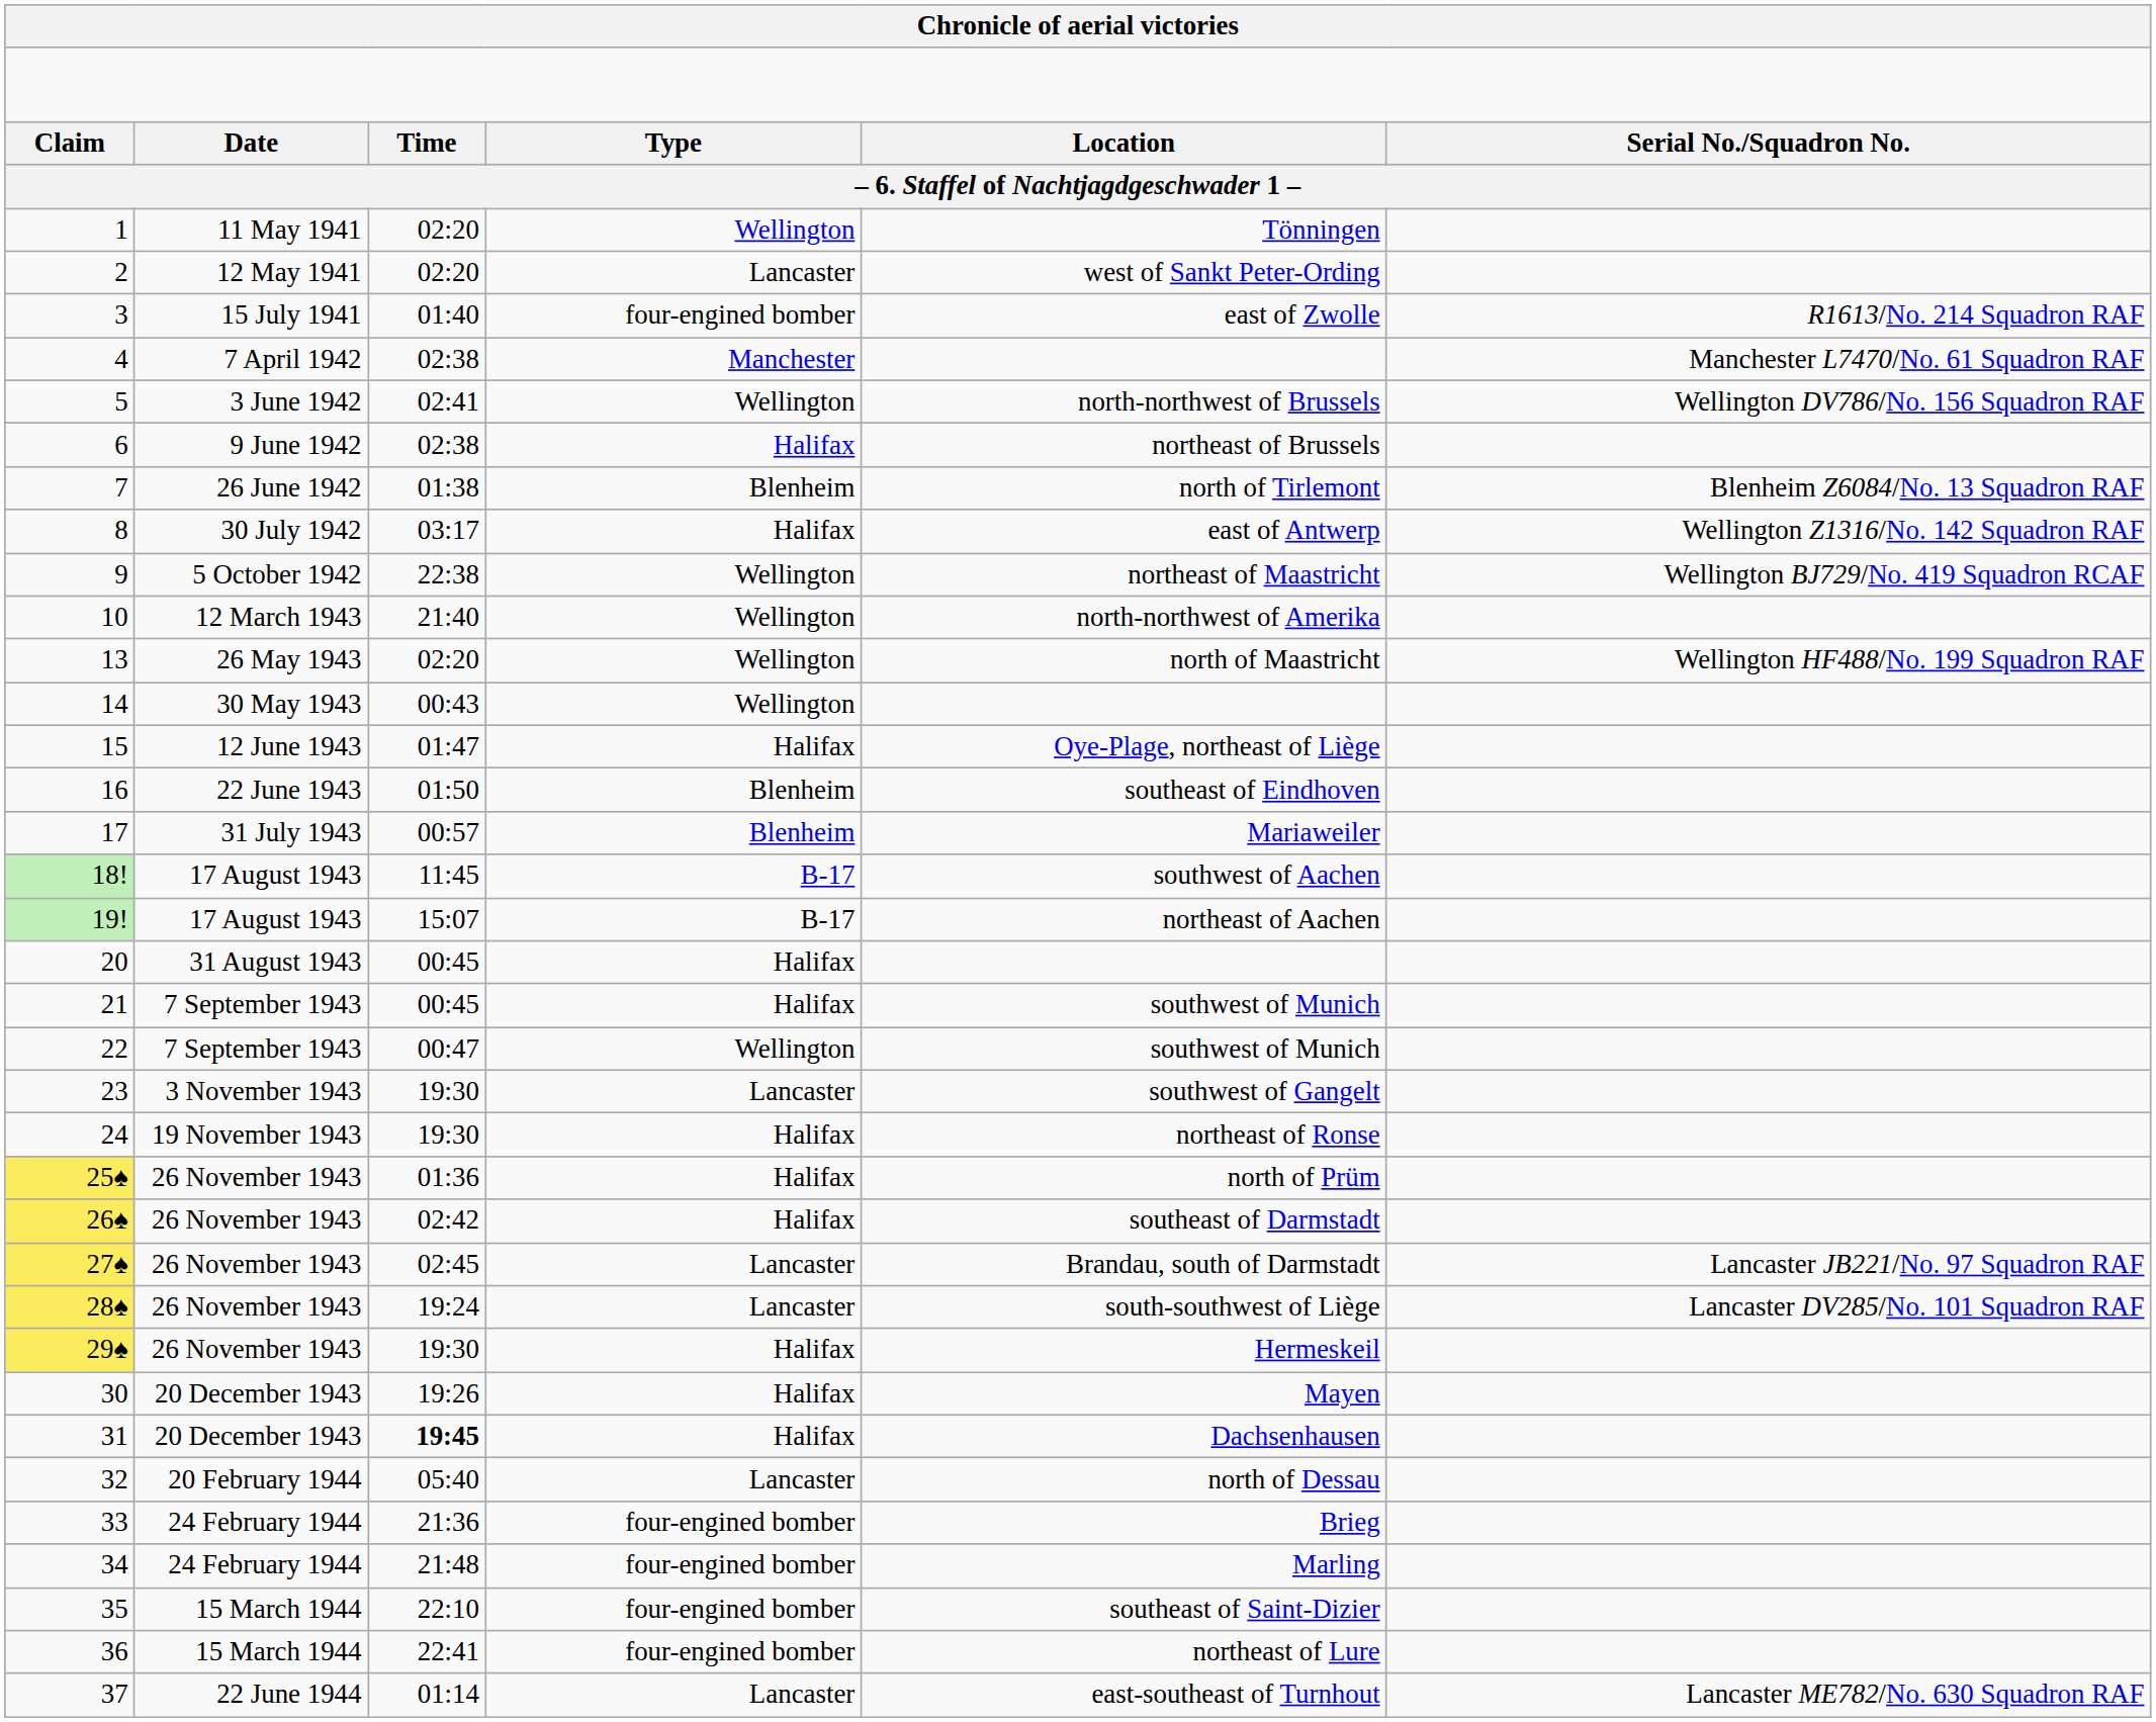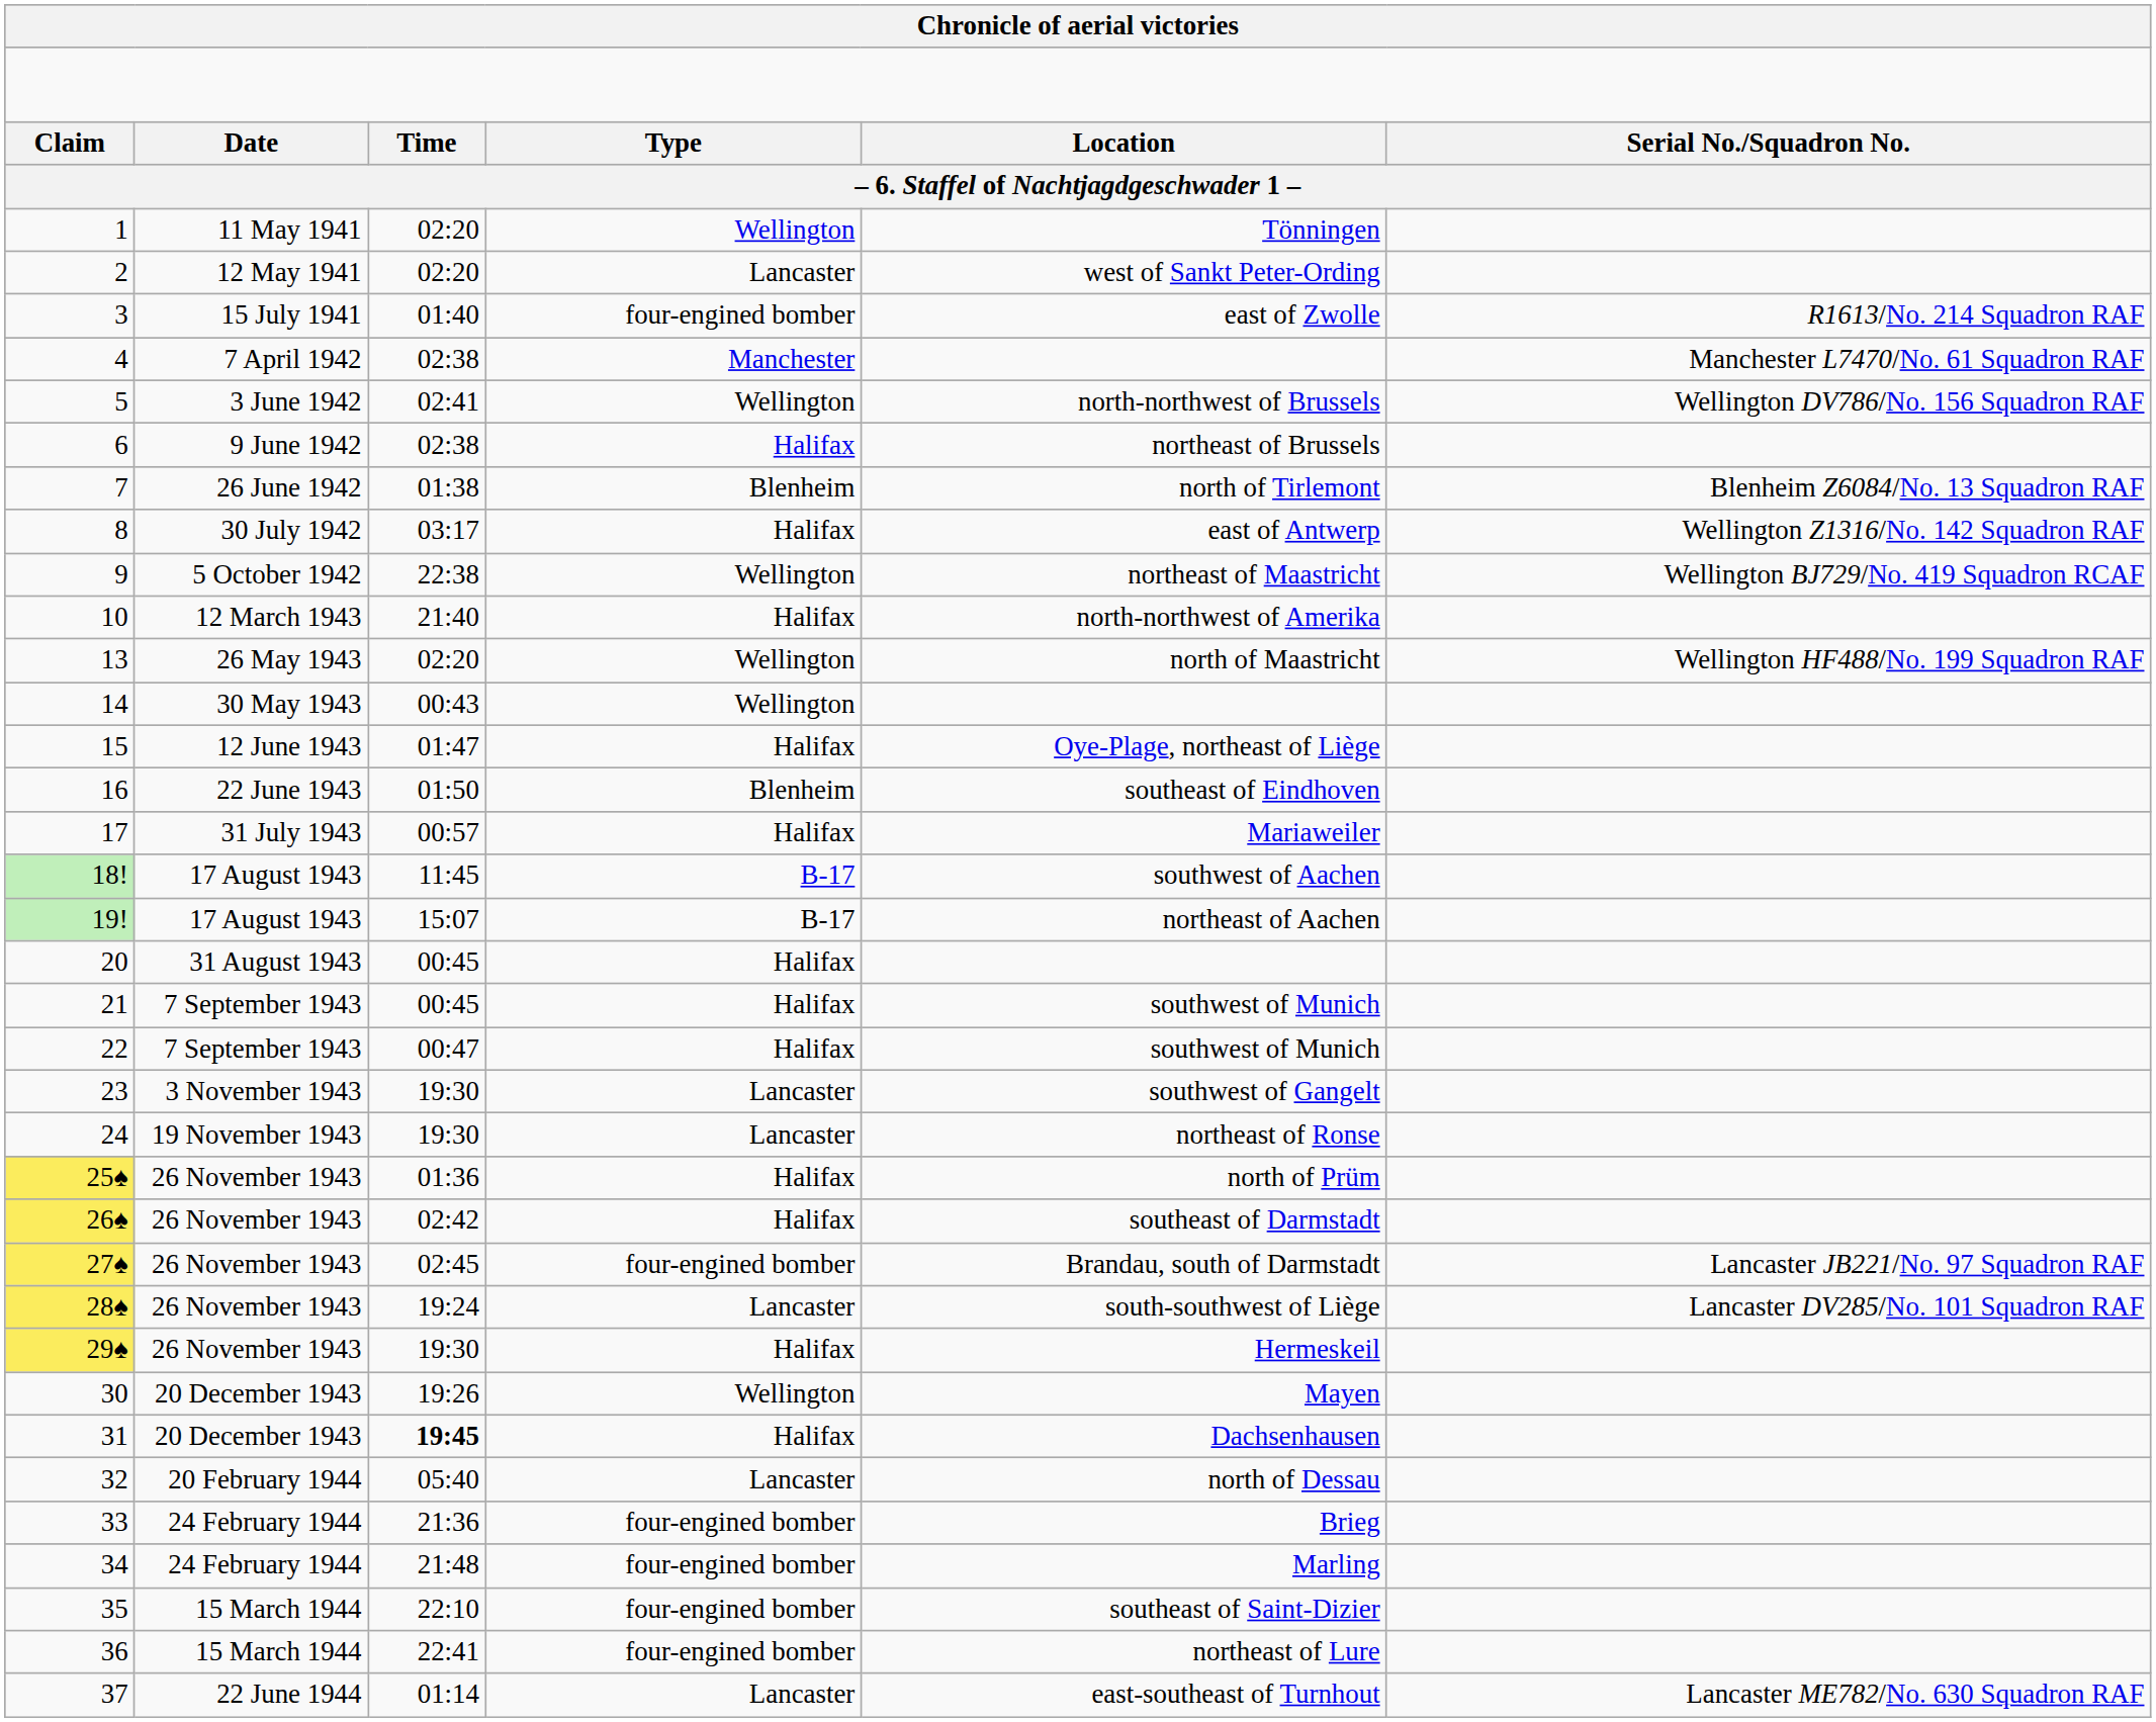 <table class="wikitable plainrowheaders collapsible" style="margin-left: auto; margin-right: auto; border: none; text-align:right; width: 100%;">
 <tr>
 <th colspan="6">Chronicle of aerial victories</th>
 </tr>
 <tr>
 <td colspan="6" style="text-align: left;"><br><br> </td>
 </tr>
 <tr>
 <th scope="col">Claim</th>
 <th scope="col" style="width:130px">Date</th>
 <th scope="col">Time</th>
 <th scope="col">Type</th>
 <th scope="col">Location</th>
 <th scope="col">Serial No./Squadron No.</th>
 </tr>
 <tr>
 <th colspan="6">– 6. <em>Staffel</em> of <em>Nachtjagdgeschwader</em> 1 –</th>
 </tr>
 <tr>
 <td>1</td>
 <td>11 May 1941</td>
 <td>02:20</td>
 <td><a href='#'>Wellington</a></td>
 <td><a href='#'>Tönningen</a></td>
 <td></td>
 </tr>
 <tr>
 <td>2</td>
 <td>12 May 1941</td>
 <td>02:20</td>
 <td>Lancaster</td>
 <td> west of <a href='#'>Sankt Peter-Ording</a></td>
 <td></td>
 </tr>
 <tr>
 <td>3</td>
 <td>15 July 1941</td>
 <td>01:40</td>
 <td>four-engined bomber</td>
 <td>east of <a href='#'>Zwolle</a></td>
 <td><em>R1613</em>/<a href='#'>No. 214 Squadron RAF</a></td>
 </tr>
 <tr>
 <td>4</td>
 <td>7 April 1942</td>
 <td>02:38</td>
 <td><a href='#'>Manchester</a></td>
 <td></td>
 <td>Manchester <em>L7470</em>/<a href='#'>No. 61 Squadron RAF</a></td>
 </tr>
 <tr>
 <td>5</td>
 <td>3 June 1942</td>
 <td>02:41</td>
 <td>Wellington</td>
 <td> north-northwest of <a href='#'>Brussels</a></td>
 <td>Wellington <em>DV786</em>/<a href='#'>No. 156 Squadron RAF</a></td>
 </tr>
 <tr>
 <td>6</td>
 <td>9 June 1942</td>
 <td>02:38</td>
 <td><a href='#'>Halifax</a></td>
 <td> northeast of Brussels</td>
 <td></td>
 </tr>
 <tr>
 <td>7</td>
 <td>26 June 1942</td>
 <td>01:38</td>
 <td>Blenheim</td>
 <td> north of <a href='#'>Tirlemont</a></td>
 <td>Blenheim <em>Z6084</em>/<a href='#'>No. 13 Squadron RAF</a></td>
 </tr>
 <tr>
 <td>8</td>
 <td>30 July 1942</td>
 <td>03:17</td>
 <td>Halifax</td>
 <td> east of <a href='#'>Antwerp</a></td>
 <td>Wellington <em>Z1316</em>/<a href='#'>No. 142 Squadron RAF</a></td>
 </tr>
 <tr>
 <td>9</td>
 <td>5 October 1942</td>
 <td>22:38</td>
 <td>Wellington</td>
 <td>northeast of <a href='#'>Maastricht</a></td>
 <td>Wellington <em>BJ729</em>/<a href='#'>No. 419 Squadron RCAF</a></td>
 </tr>
 <tr>
 <td>10</td>
 <td>12 March 1943</td>
 <td>21:40</td>
-<td>Wellington</td>
+<td>Halifax</td>
 <td> north-northwest of <a href='#'>Amerika</a></td>
 <td></td>
 </tr>
 <tr>
 <td>13</td>
 <td>26 May 1943</td>
 <td>02:20</td>
 <td>Wellington</td>
 <td> north of Maastricht</td>
 <td>Wellington <em>HF488</em>/<a href='#'>No. 199 Squadron RAF</a></td>
 </tr>
 <tr>
 <td>14</td>
 <td>30 May 1943</td>
 <td>00:43</td>
 <td>Wellington</td>
 <td></td>
 <td></td>
 </tr>
 <tr>
 <td>15</td>
 <td>12 June 1943</td>
 <td>01:47</td>
 <td>Halifax</td>
 <td><a href='#'>Oye-Plage</a>, northeast of <a href='#'>Liège</a></td>
 <td></td>
 </tr>
 <tr>
 <td>16</td>
 <td>22 June 1943</td>
 <td>01:50</td>
 <td>Blenheim</td>
 <td> southeast of <a href='#'>Eindhoven</a></td>
 <td></td>
 </tr>
 <tr>
 <td>17</td>
 <td>31 July 1943</td>
 <td>00:57</td>
-<td><a href='#'>Blenheim</a></td>
+<td>Halifax</td>
 <td><a href='#'>Mariaweiler</a></td>
 <td></td>
 </tr>
 <tr>
 <td style="background:#C0EFBA">18!</td>
 <td>17 August 1943</td>
 <td>11:45</td>
 <td><a href='#'>B-17</a></td>
 <td> southwest of <a href='#'>Aachen</a></td>
 <td></td>
 </tr>
 <tr>
 <td style="background:#C0EFBA">19!</td>
 <td>17 August 1943</td>
 <td>15:07</td>
 <td>B-17</td>
 <td> northeast of Aachen</td>
 <td></td>
 </tr>
 <tr>
 <td>20</td>
 <td>31 August 1943</td>
 <td>00:45</td>
 <td>Halifax</td>
 <td></td>
 <td></td>
 </tr>
 <tr>
 <td>21</td>
 <td>7 September 1943</td>
 <td>00:45</td>
 <td>Halifax</td>
 <td>southwest of <a href='#'>Munich</a></td>
 <td></td>
 </tr>
 <tr>
 <td>22</td>
 <td>7 September 1943</td>
 <td>00:47</td>
-<td>Wellington</td>
+<td>Halifax</td>
 <td>southwest of Munich</td>
 <td></td>
 </tr>
 <tr>
 <td>23</td>
 <td>3 November 1943</td>
 <td>19:30</td>
 <td>Lancaster</td>
 <td>southwest of <a href='#'>Gangelt</a></td>
 <td></td>
 </tr>
 <tr>
 <td>24</td>
 <td>19 November 1943</td>
 <td>19:30</td>
-<td>Halifax</td>
+<td>Lancaster</td>
 <td>northeast of <a href='#'>Ronse</a></td>
 <td></td>
 </tr>
 <tr>
 <td style="background:#fbec5d;">25♠</td>
 <td>26 November 1943</td>
 <td>01:36</td>
 <td>Halifax</td>
 <td>north of <a href='#'>Prüm</a></td>
 <td></td>
 </tr>
 <tr>
 <td style="background:#fbec5d;">26♠</td>
 <td>26 November 1943</td>
 <td>02:42</td>
 <td>Halifax</td>
 <td>southeast of <a href='#'>Darmstadt</a></td>
 <td></td>
 </tr>
 <tr>
 <td style="background:#fbec5d;">27♠</td>
 <td>26 November 1943</td>
 <td>02:45</td>
-<td>Lancaster</td>
+<td>four-engined bomber</td>
 <td> Brandau, south of Darmstadt</td>
 <td>Lancaster <em>JB221</em>/<a href='#'>No. 97 Squadron RAF</a></td>
 </tr>
 <tr>
 <td style="background:#fbec5d;">28♠</td>
 <td>26 November 1943</td>
 <td>19:24</td>
 <td>Lancaster</td>
 <td>south-southwest of Liège</td>
 <td>Lancaster <em>DV285</em>/<a href='#'>No. 101 Squadron RAF</a></td>
 </tr>
 <tr>
 <td style="background:#fbec5d;">29♠</td>
 <td>26 November 1943</td>
 <td>19:30</td>
 <td>Halifax</td>
 <td><a href='#'>Hermeskeil</a></td>
 <td></td>
 </tr>
 <tr>
 <td>30</td>
 <td>20 December 1943</td>
 <td>19:26</td>
-<td>Halifax</td>
+<td>Wellington</td>
 <td><a href='#'>Mayen</a></td>
 <td></td>
 </tr>
 <tr>
 <td>31</td>
 <td>20 December 1943</td>
 <td><strong>19:45</strong></td>
 <td>Halifax</td>
 <td><a href='#'>Dachsenhausen</a></td>
 <td></td>
 </tr>
 <tr>
 <td>32</td>
 <td>20 February 1944</td>
 <td>05:40</td>
 <td>Lancaster</td>
 <td> north of <a href='#'>Dessau</a></td>
 <td></td>
 </tr>
 <tr>
 <td>33</td>
 <td>24 February 1944</td>
 <td>21:36</td>
 <td>four-engined bomber</td>
 <td><a href='#'>Brieg</a></td>
 <td></td>
 </tr>
 <tr>
 <td>34</td>
 <td>24 February 1944</td>
 <td>21:48</td>
 <td>four-engined bomber</td>
 <td><a href='#'>Marling</a></td>
 <td></td>
 </tr>
 <tr>
 <td>35</td>
 <td>15 March 1944</td>
 <td>22:10</td>
 <td>four-engined bomber</td>
 <td>southeast of <a href='#'>Saint-Dizier</a></td>
 <td></td>
 </tr>
 <tr>
 <td>36</td>
 <td>15 March 1944</td>
 <td>22:41</td>
 <td>four-engined bomber</td>
 <td>northeast of <a href='#'>Lure</a></td>
 <td></td>
 </tr>
 <tr>
 <td>37</td>
 <td>22 June 1944</td>
 <td>01:14</td>
 <td>Lancaster</td>
 <td> east-southeast of <a href='#'>Turnhout</a></td>
 <td>Lancaster <em>ME782</em>/<a href='#'>No. 630 Squadron RAF</a></td>
 </tr>
 </table>
